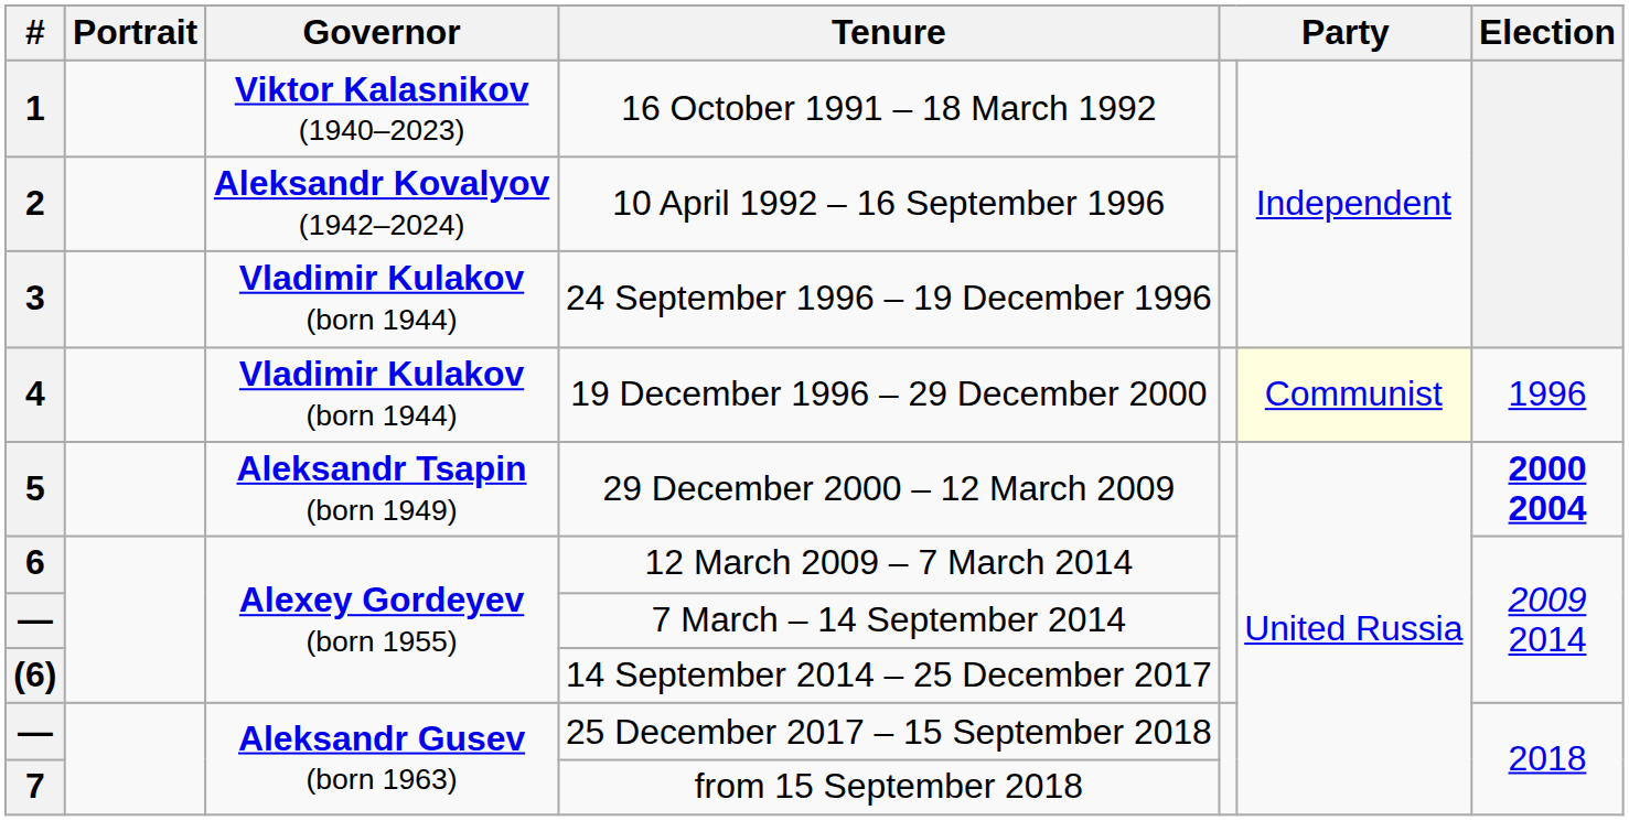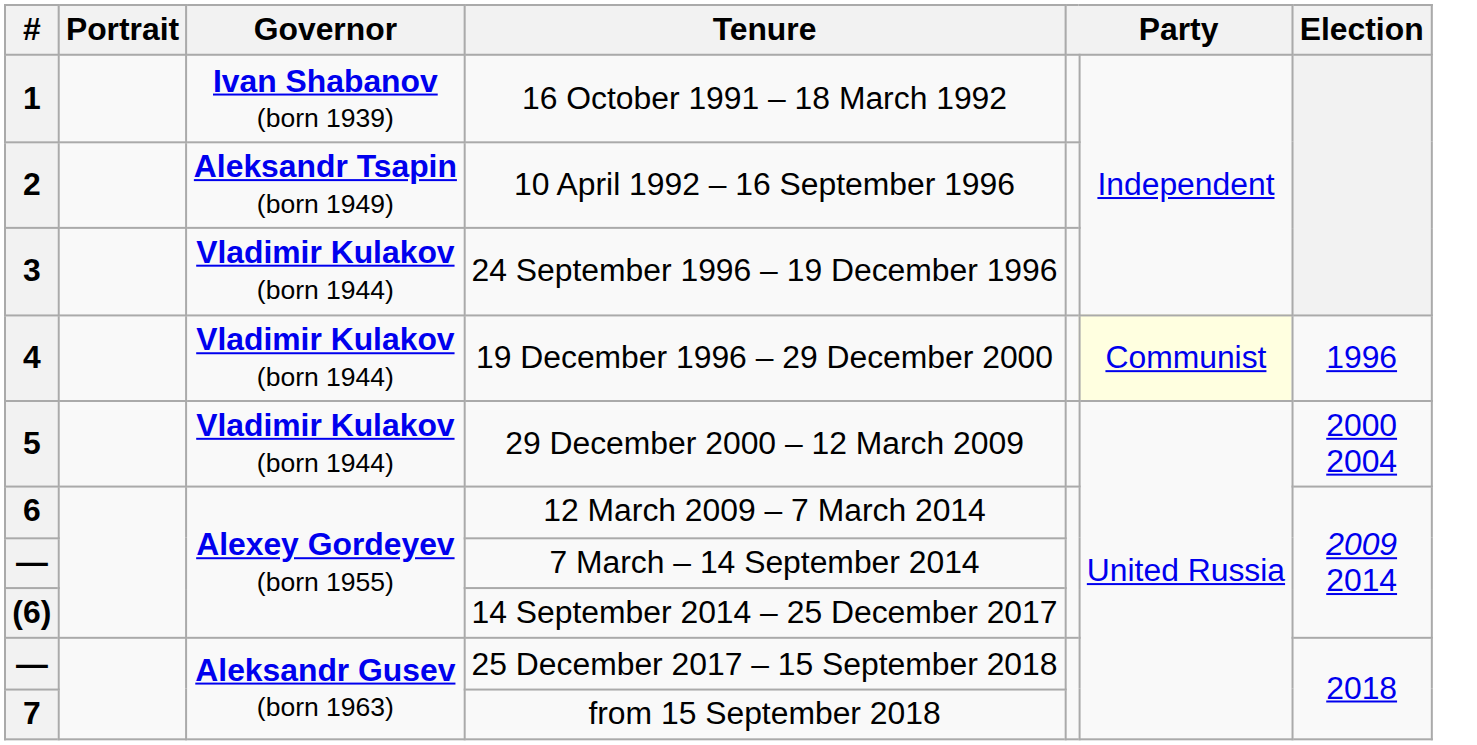 <table class="wikitable" style="text-align:center">
 <tr style="background:#cccccc" bgcolor=#E6E6AA>
 <th>#</th>
 <th>Portrait</th>
 <th>Governor</th>
 <th>Tenure</th>
 <th colspan="2">Party</th>
 <th>Election</th>
 </tr>
 <tr>
 <th>1</th>
 <td></td>
-<td><strong><a href='#'>Viktor Kalasnikov</a></strong><br><small>(1940–2023)</small></td>
+<td><strong><a href='#'>Ivan Shabanov</a></strong><br><small>(born 1939)</small></td>
 <td>16 October 1991 – 18 March 1992</td>
 <td style="background: "></td>
 <td rowspan="3"><a href='#'>Independent</a></td>
 <th rowspan=3></th>
 </tr>
 <tr>
 <th>2</th>
 <td></td>
-<td><strong><a href='#'>Aleksandr Kovalyov</a></strong><br><small>(1942–2024)</small></td>
+<td><strong><a href='#'>Aleksandr Tsapin</a></strong><br><small>(born 1949)</small></td>
 <td>10 April 1992 – 16 September 1996</td>
 <td style="background: "></td>
 </tr>
 <tr>
 <th>3</th>
 <td></td>
 <td><strong><a href='#'>Vladimir Kulakov</a></strong><br><small>(born 1944)</small></td>
 <td>24 September 1996 – 19 December 1996</td>
 <td style="background: "></td>
 </tr>
 <tr>
 <th>4</th>
 <td></td>
 <td><strong><a href='#'>Vladimir Kulakov</a></strong><br><small>(born 1944)</small></td>
 <td>19 December 1996 – 29 December 2000</td>
 <td style="background: "></td>
 <td style="background: lightyellow;"><a href='#'>Communist</a></td>
 <td><a href='#'>1996</a></td>
 </tr>
 <tr>
 <th>5</th>
 <td></td>
-<td><strong><a href='#'>Aleksandr Tsapin</a></strong><br><small>(born 1949)</small></td>
+<td><strong><a href='#'>Vladimir Kulakov</a></strong><br><small>(born 1944)</small></td>
 <td>29 December 2000 – 12 March 2009</td>
 <td style="background: "></td>
 <td rowspan=6><a href='#'>United Russia</a></td>
-<td><strong><a href='#'>2000</a><br><a href='#'>2004</a></strong></td>
+<td><a href='#'>2000</a><br><a href='#'>2004</a></td>
 </tr>
 <tr>
 <th>6</th>
 <td rowspan=3></td>
 <td rowspan=3><strong><a href='#'>Alexey Gordeyev</a></strong><br><small>(born 1955)</small></td>
 <td>12 March 2009 – 7 March 2014</td>
 <td rowspan=3; style="background: "></td>
 <td rowspan=3><em><a href='#'>2009</a></em><br><a href='#'>2014</a></td>
 </tr>
 <tr>
 <th>—</th>
 <td>7 March – 14 September 2014</td>
 </tr>
 <tr>
 <th>(6)</th>
 <td>14 September 2014 – 25 December 2017</td>
 </tr>
 <tr>
 <th>—</th>
 <td rowspan=2></td>
 <td rowspan=2><strong><a href='#'>Aleksandr Gusev</a></strong><br><small>(born 1963)</small></td>
 <td>25 December 2017 – 15 September 2018</td>
 <td rowspan=2; style="background: "></td>
 <td rowspan=2><a href='#'>2018</a></td>
 </tr>
 <tr>
 <th>7</th>
 <td>from 15 September 2018</td>
 </tr>
 </table>
